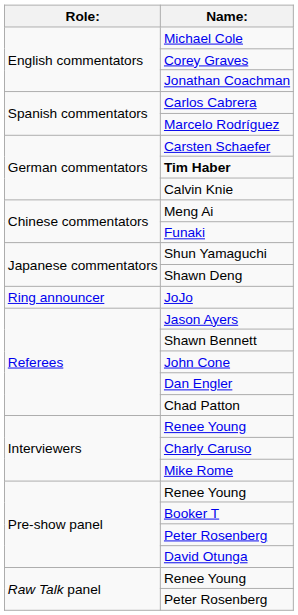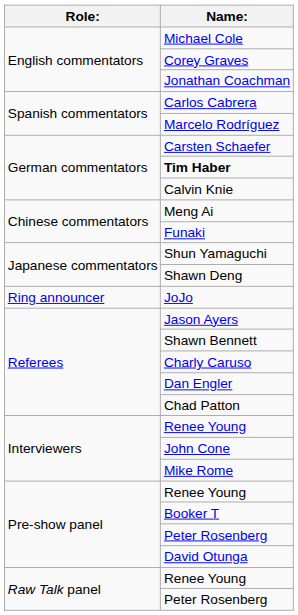 <table class=wikitable style="font-size:90%; margin: 0.5em 0 0.5em 1em; float: right; clear: right;">
 <tr>
 <th>Role:</th>
 <th>Name:</th>
 </tr>
 <tr>
 <td rowspan=3>English commentators</td>
 <td><a href='#'>Michael Cole</a></td>
 </tr>
 <tr>
 <td><a href='#'>Corey Graves</a></td>
 </tr>
 <tr>
 <td><a href='#'>Jonathan Coachman</a></td>
 </tr>
 <tr>
 <td rowspan=2>Spanish commentators</td>
 <td><a href='#'>Carlos Cabrera</a></td>
 </tr>
 <tr>
 <td><a href='#'>Marcelo Rodríguez</a></td>
 </tr>
 <tr>
 <td rowspan=3>German commentators</td>
 <td><a href='#'>Carsten Schaefer</a></td>
 </tr>
 <tr>
 <td><strong>Tim Haber</strong></td>
 </tr>
 <tr>
 <td>Calvin Knie</td>
 </tr>
 <tr>
 <td rowspan=2>Chinese commentators</td>
 <td>Meng Ai</td>
 </tr>
 <tr>
 <td><a href='#'>Funaki</a></td>
 </tr>
 <tr>
 <td rowspan=2>Japanese commentators</td>
 <td>Shun Yamaguchi</td>
 </tr>
 <tr>
 <td>Shawn Deng</td>
 </tr>
 <tr>
 <td rowspan=1><a href='#'>Ring announcer</a></td>
 <td><a href='#'>JoJo</a></td>
 </tr>
 <tr>
 <td rowspan=5><a href='#'>Referees</a></td>
 <td><a href='#'>Jason Ayers</a></td>
 </tr>
 <tr>
 <td>Shawn Bennett</td>
 </tr>
 <tr>
-<td><a href='#'>John Cone</a></td>
+<td><a href='#'>Charly Caruso</a></td>
 </tr>
 <tr>
 <td><a href='#'>Dan Engler</a></td>
 </tr>
 <tr>
 <td>Chad Patton</td>
 </tr>
 <tr>
 <td rowspan=3>Interviewers</td>
 <td><a href='#'>Renee Young</a></td>
 </tr>
 <tr>
-<td><a href='#'>Charly Caruso</a></td>
+<td><a href='#'>John Cone</a></td>
 </tr>
 <tr>
 <td><a href='#'>Mike Rome</a></td>
 </tr>
 <tr>
 <td rowspan=4>Pre-show panel</td>
 <td>Renee Young</td>
 </tr>
 <tr>
 <td><a href='#'>Booker T</a></td>
 </tr>
 <tr>
 <td><a href='#'>Peter Rosenberg</a></td>
 </tr>
 <tr>
 <td><a href='#'>David Otunga</a></td>
 </tr>
 <tr>
 <td rowspan=2><em>Raw Talk</em> panel</td>
 <td>Renee Young</td>
 </tr>
 <tr>
 <td>Peter Rosenberg</td>
 </tr>
 </table>
